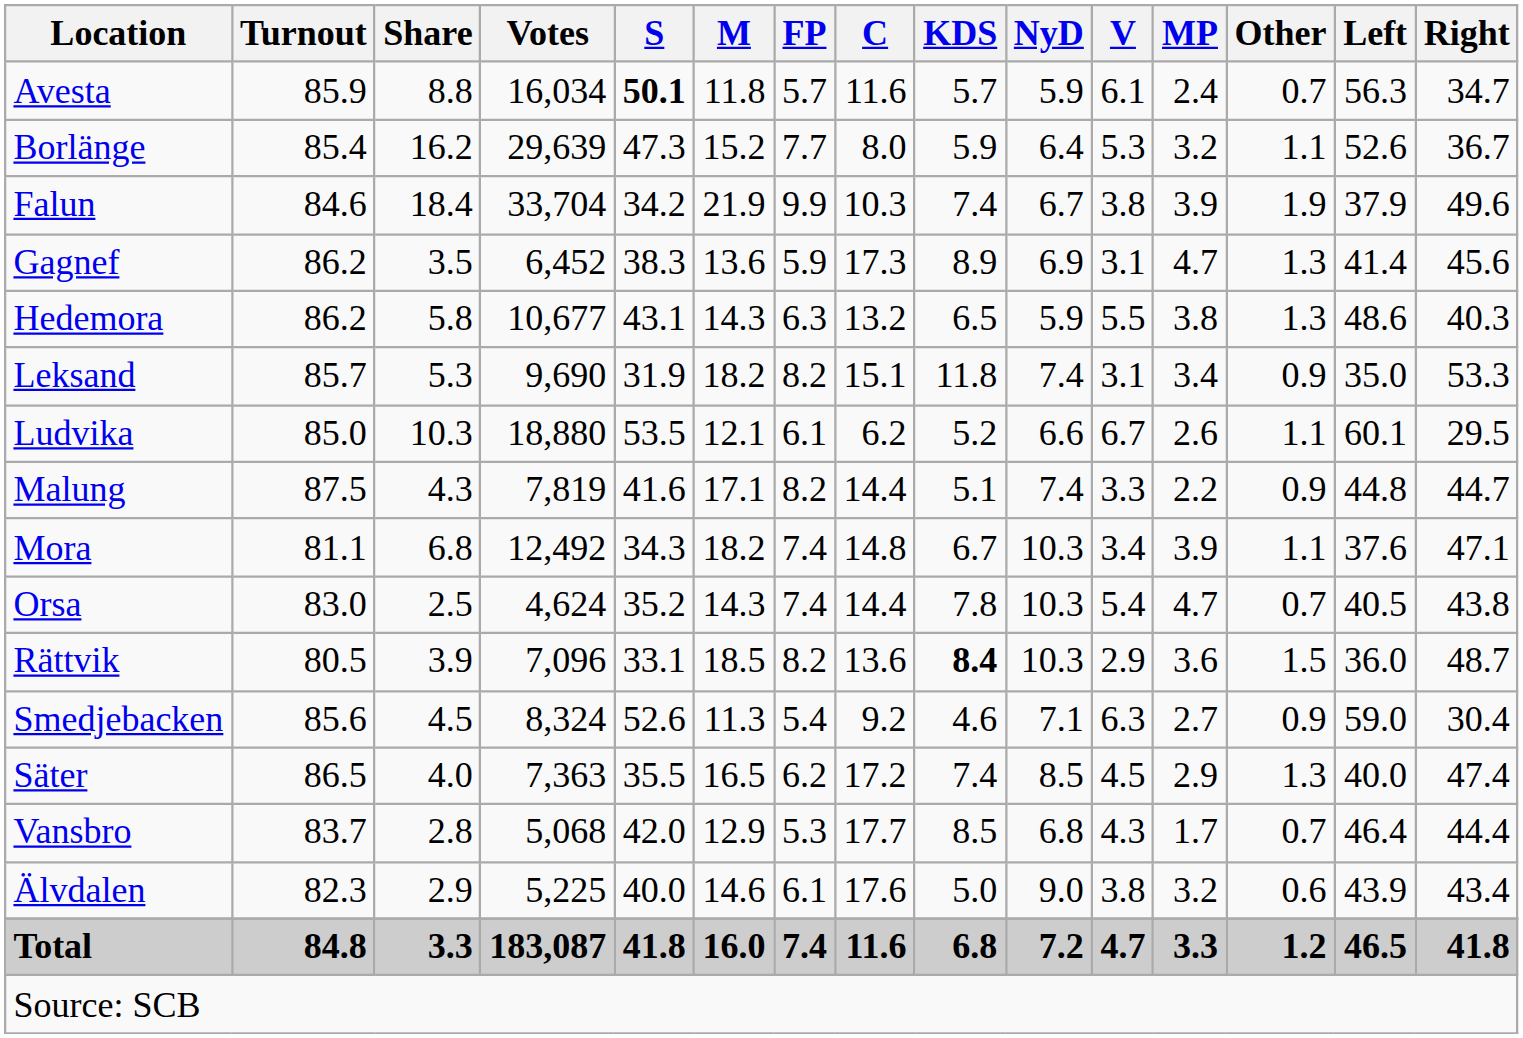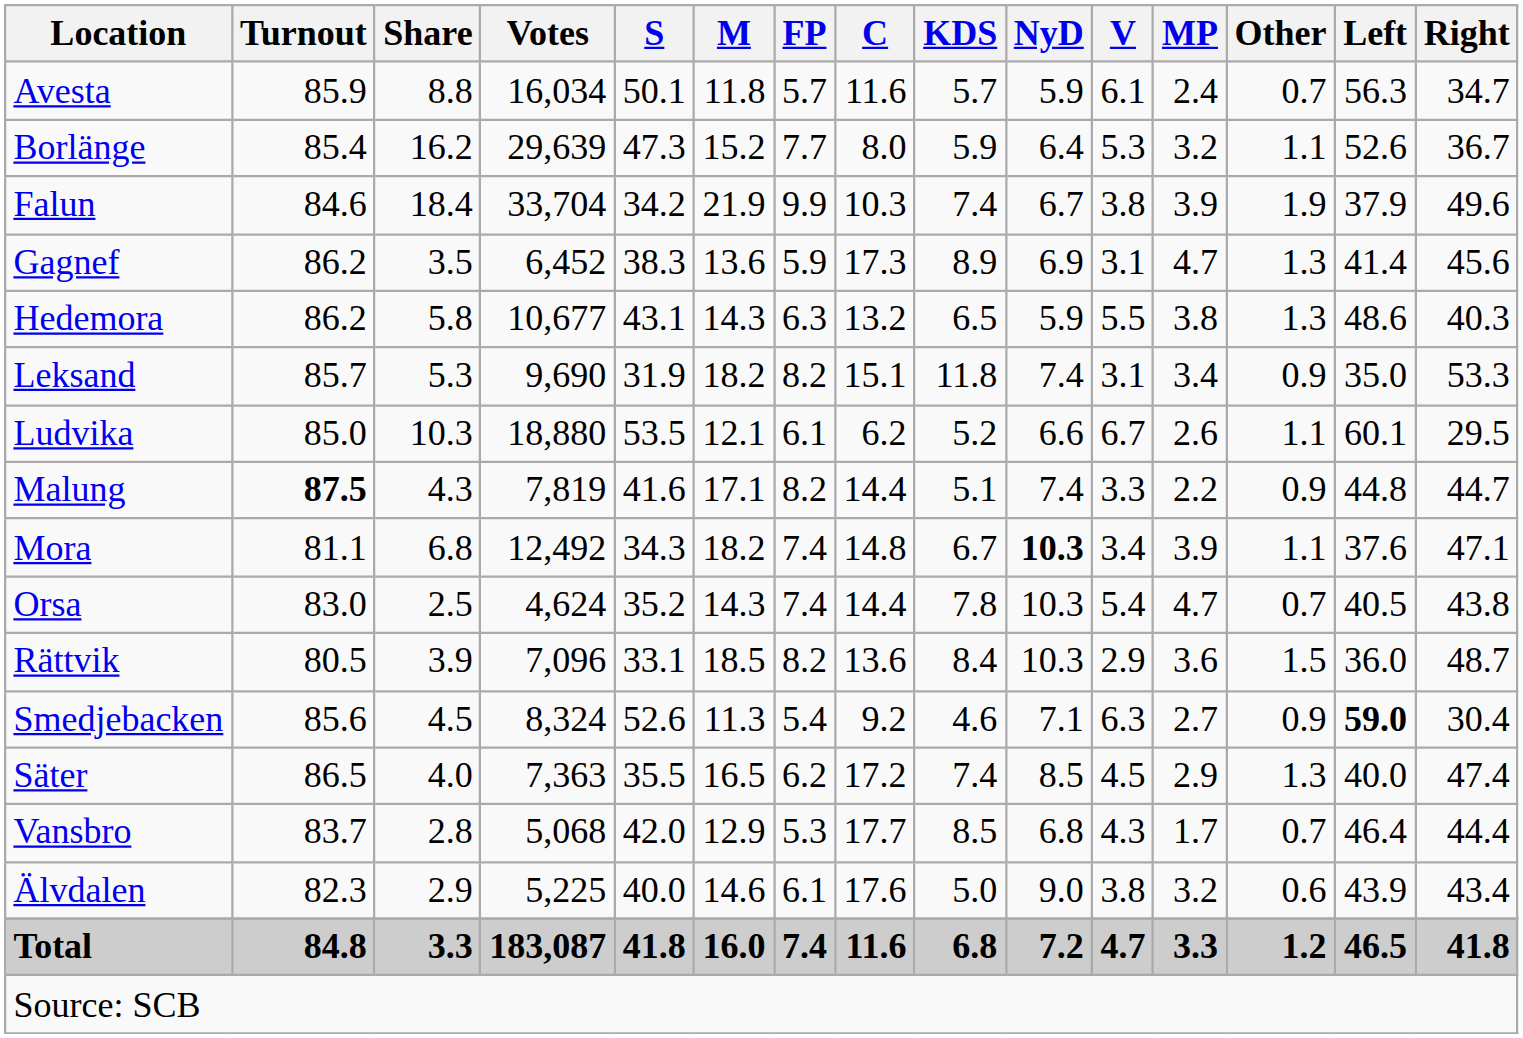 <table class="wikitable sortable" style=text-align:right>
 <tr>
 <th>Location</th>
 <th>Turnout</th>
 <th>Share</th>
 <th>Votes</th>
 <th><a href='#'>S</a></th>
 <th><a href='#'>M</a></th>
 <th><a href='#'>FP</a></th>
 <th><a href='#'>C</a></th>
 <th><a href='#'>KDS</a></th>
 <th><a href='#'>NyD</a></th>
 <th><a href='#'>V</a></th>
 <th><a href='#'>MP</a></th>
 <th>Other</th>
 <th>Left</th>
 <th>Right</th>
 </tr>
 <tr>
 <td align=left><a href='#'>Avesta</a></td>
 <td>85.9</td>
 <td>8.8</td>
 <td>16,034</td>
-<td><strong>50.1</strong></td>
+<td>50.1</td>
 <td>11.8</td>
 <td>5.7</td>
 <td>11.6</td>
 <td>5.7</td>
 <td>5.9</td>
 <td>6.1</td>
 <td>2.4</td>
 <td>0.7</td>
 <td>56.3</td>
 <td>34.7</td>
 </tr>
 <tr>
 <td align=left><a href='#'>Borlänge</a></td>
 <td>85.4</td>
 <td>16.2</td>
 <td>29,639</td>
 <td>47.3</td>
 <td>15.2</td>
 <td>7.7</td>
 <td>8.0</td>
 <td>5.9</td>
 <td>6.4</td>
 <td>5.3</td>
 <td>3.2</td>
 <td>1.1</td>
 <td>52.6</td>
 <td>36.7</td>
 </tr>
 <tr>
 <td align=left><a href='#'>Falun</a></td>
 <td>84.6</td>
 <td>18.4</td>
 <td>33,704</td>
 <td>34.2</td>
 <td>21.9</td>
 <td>9.9</td>
 <td>10.3</td>
 <td>7.4</td>
 <td>6.7</td>
 <td>3.8</td>
 <td>3.9</td>
 <td>1.9</td>
 <td>37.9</td>
 <td>49.6</td>
 </tr>
 <tr>
 <td align=left><a href='#'>Gagnef</a></td>
 <td>86.2</td>
 <td>3.5</td>
 <td>6,452</td>
 <td>38.3</td>
 <td>13.6</td>
 <td>5.9</td>
 <td>17.3</td>
 <td>8.9</td>
 <td>6.9</td>
 <td>3.1</td>
 <td>4.7</td>
 <td>1.3</td>
 <td>41.4</td>
 <td>45.6</td>
 </tr>
 <tr>
 <td align=left><a href='#'>Hedemora</a></td>
 <td>86.2</td>
 <td>5.8</td>
 <td>10,677</td>
 <td>43.1</td>
 <td>14.3</td>
 <td>6.3</td>
 <td>13.2</td>
 <td>6.5</td>
 <td>5.9</td>
 <td>5.5</td>
 <td>3.8</td>
 <td>1.3</td>
 <td>48.6</td>
 <td>40.3</td>
 </tr>
 <tr>
 <td align=left><a href='#'>Leksand</a></td>
 <td>85.7</td>
 <td>5.3</td>
 <td>9,690</td>
 <td>31.9</td>
 <td>18.2</td>
 <td>8.2</td>
 <td>15.1</td>
 <td>11.8</td>
 <td>7.4</td>
 <td>3.1</td>
 <td>3.4</td>
 <td>0.9</td>
 <td>35.0</td>
 <td>53.3</td>
 </tr>
 <tr>
 <td align=left><a href='#'>Ludvika</a></td>
 <td>85.0</td>
 <td>10.3</td>
 <td>18,880</td>
 <td>53.5</td>
 <td>12.1</td>
 <td>6.1</td>
 <td>6.2</td>
 <td>5.2</td>
 <td>6.6</td>
 <td>6.7</td>
 <td>2.6</td>
 <td>1.1</td>
 <td>60.1</td>
 <td>29.5</td>
 </tr>
 <tr>
 <td align=left><a href='#'>Malung</a></td>
-<td>87.5</td>
+<td><strong>87.5</strong></td>
 <td>4.3</td>
 <td>7,819</td>
 <td>41.6</td>
 <td>17.1</td>
 <td>8.2</td>
 <td>14.4</td>
 <td>5.1</td>
 <td>7.4</td>
 <td>3.3</td>
 <td>2.2</td>
 <td>0.9</td>
 <td>44.8</td>
 <td>44.7</td>
 </tr>
 <tr>
 <td align=left><a href='#'>Mora</a></td>
 <td>81.1</td>
 <td>6.8</td>
 <td>12,492</td>
 <td>34.3</td>
 <td>18.2</td>
 <td>7.4</td>
 <td>14.8</td>
 <td>6.7</td>
-<td>10.3</td>
+<td><strong>10.3</strong></td>
 <td>3.4</td>
 <td>3.9</td>
 <td>1.1</td>
 <td>37.6</td>
 <td>47.1</td>
 </tr>
 <tr>
 <td align=left><a href='#'>Orsa</a></td>
 <td>83.0</td>
 <td>2.5</td>
 <td>4,624</td>
 <td>35.2</td>
 <td>14.3</td>
 <td>7.4</td>
 <td>14.4</td>
 <td>7.8</td>
 <td>10.3</td>
 <td>5.4</td>
 <td>4.7</td>
 <td>0.7</td>
 <td>40.5</td>
 <td>43.8</td>
 </tr>
 <tr>
 <td align=left><a href='#'>Rättvik</a></td>
 <td>80.5</td>
 <td>3.9</td>
 <td>7,096</td>
 <td>33.1</td>
 <td>18.5</td>
 <td>8.2</td>
 <td>13.6</td>
-<td><strong>8.4</strong></td>
+<td>8.4</td>
 <td>10.3</td>
 <td>2.9</td>
 <td>3.6</td>
 <td>1.5</td>
 <td>36.0</td>
 <td>48.7</td>
 </tr>
 <tr>
 <td align=left><a href='#'>Smedjebacken</a></td>
 <td>85.6</td>
 <td>4.5</td>
 <td>8,324</td>
 <td>52.6</td>
 <td>11.3</td>
 <td>5.4</td>
 <td>9.2</td>
 <td>4.6</td>
 <td>7.1</td>
 <td>6.3</td>
 <td>2.7</td>
 <td>0.9</td>
-<td>59.0</td>
+<td><strong>59.0</strong></td>
 <td>30.4</td>
 </tr>
 <tr>
 <td align=left><a href='#'>Säter</a></td>
 <td>86.5</td>
 <td>4.0</td>
 <td>7,363</td>
 <td>35.5</td>
 <td>16.5</td>
 <td>6.2</td>
 <td>17.2</td>
 <td>7.4</td>
 <td>8.5</td>
 <td>4.5</td>
 <td>2.9</td>
 <td>1.3</td>
 <td>40.0</td>
 <td>47.4</td>
 </tr>
 <tr>
 <td align=left><a href='#'>Vansbro</a></td>
 <td>83.7</td>
 <td>2.8</td>
 <td>5,068</td>
 <td>42.0</td>
 <td>12.9</td>
 <td>5.3</td>
 <td>17.7</td>
 <td>8.5</td>
 <td>6.8</td>
 <td>4.3</td>
 <td>1.7</td>
 <td>0.7</td>
 <td>46.4</td>
 <td>44.4</td>
 </tr>
 <tr>
 <td align=left><a href='#'>Älvdalen</a></td>
 <td>82.3</td>
 <td>2.9</td>
 <td>5,225</td>
 <td>40.0</td>
 <td>14.6</td>
 <td>6.1</td>
 <td>17.6</td>
 <td>5.0</td>
 <td>9.0</td>
 <td>3.8</td>
 <td>3.2</td>
 <td>0.6</td>
 <td>43.9</td>
 <td>43.4</td>
 </tr>
 <tr>
 </tr>
 <tr style="background:#CDCDCD;">
 <td align=left><strong>Total</strong></td>
 <td><strong>84.8</strong></td>
 <td><strong>3.3</strong></td>
 <td><strong>183,087</strong></td>
 <td><strong>41.8</strong></td>
 <td><strong>16.0</strong></td>
 <td><strong>7.4</strong></td>
 <td><strong>11.6</strong></td>
 <td><strong>6.8</strong></td>
 <td><strong>7.2</strong></td>
 <td><strong>4.7</strong></td>
 <td><strong>3.3</strong></td>
 <td><strong>1.2</strong></td>
 <td><strong>46.5</strong></td>
 <td><strong>41.8</strong></td>
 </tr>
 <tr>
 <td align=left colspan=15>Source: SCB </td>
 </tr>
 </table>
